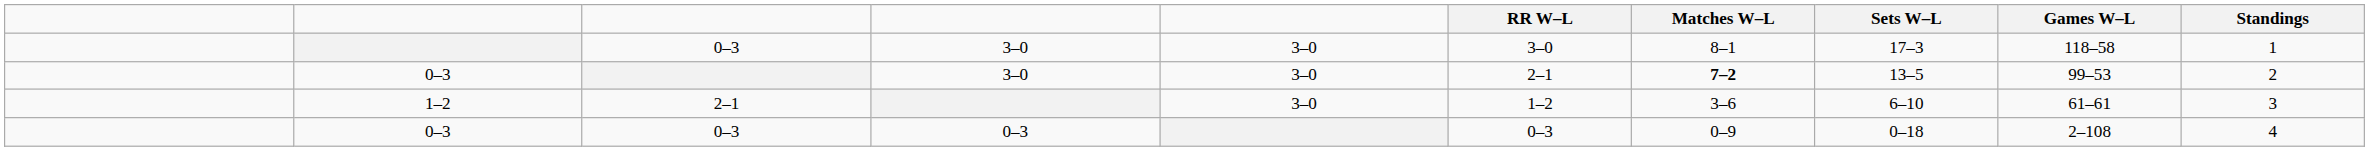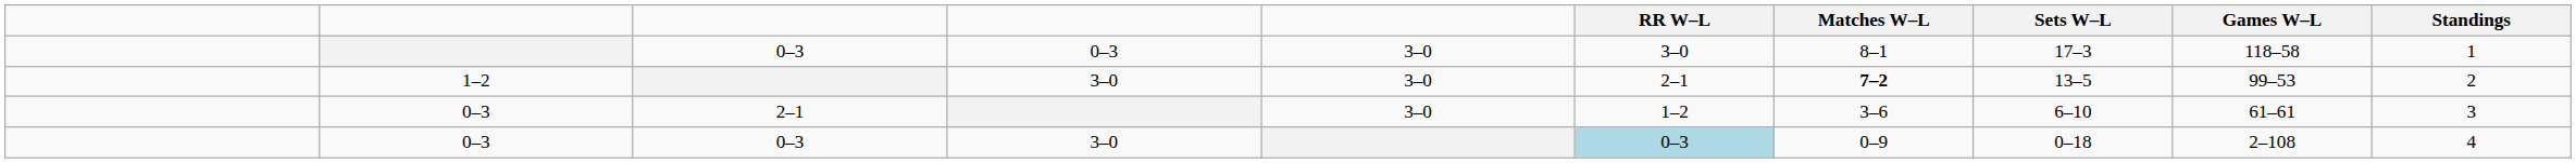 <table class="wikitable" style="width: 100%; text-align:center; font-size:90%">
 <tr>
 <td width=130></td>
 <td width=130></td>
 <td width=130></td>
 <td width=130></td>
 <td width=130></td>
 <th width=80>RR W–L</th>
 <th width=80>Matches W–L</th>
 <th width=80>Sets W–L</th>
 <th width=80>Games W–L</th>
 <th width=80>Standings</th>
 </tr>
 <tr>
 <td style="text-align:left;"></td>
 <th bgcolor="ededed"></th>
 <td>0–3</td>
-<td>3–0</td>
+<td>0–3</td>
 <td>3–0</td>
 <td>3–0</td>
 <td>8–1</td>
 <td>17–3</td>
 <td>118–58</td>
 <td>1</td>
 </tr>
 <tr>
 <td style="text-align:left;"></td>
-<td>0–3</td>
+<td>1–2</td>
 <th bgcolor="ededed"></th>
 <td>3–0</td>
 <td>3–0</td>
 <td>2–1</td>
 <td><strong>7–2</strong></td>
 <td>13–5</td>
 <td>99–53</td>
 <td>2</td>
 </tr>
 <tr>
 <td style="text-align:left;"></td>
-<td>1–2</td>
+<td>0–3</td>
 <td>2–1</td>
 <th bgcolor="ededed"></th>
 <td>3–0</td>
 <td>1–2</td>
 <td>3–6</td>
 <td>6–10</td>
 <td>61–61</td>
 <td>3</td>
 </tr>
 <tr>
 <td style="text-align:left;"></td>
 <td>0–3</td>
 <td>0–3</td>
-<td>0–3</td>
+<td>3–0</td>
 <th bgcolor="ededed"></th>
-<td>0–3</td>
+<td style="background: lightblue;">0–3</td>
 <td>0–9</td>
 <td>0–18</td>
 <td>2–108</td>
 <td>4</td>
 </tr>
 </table>
